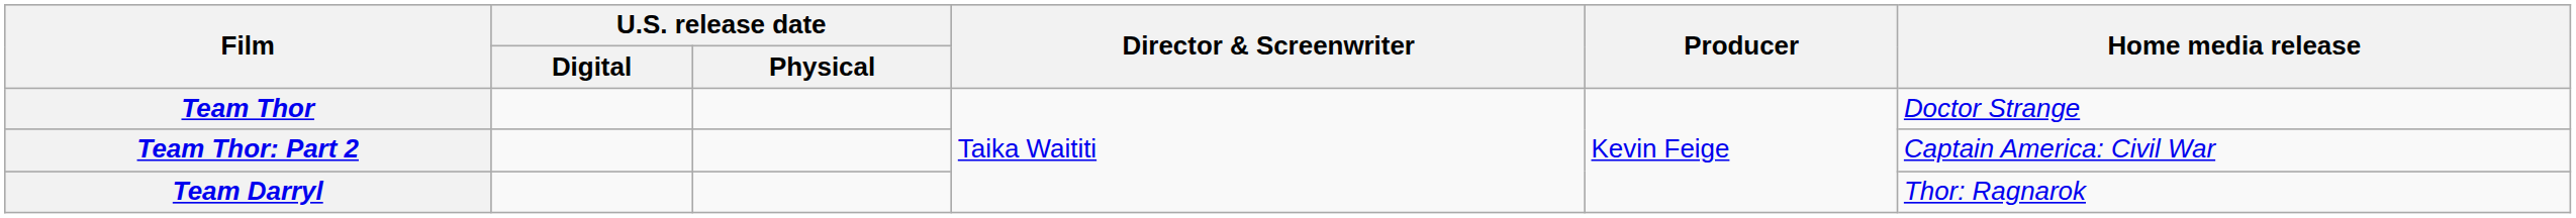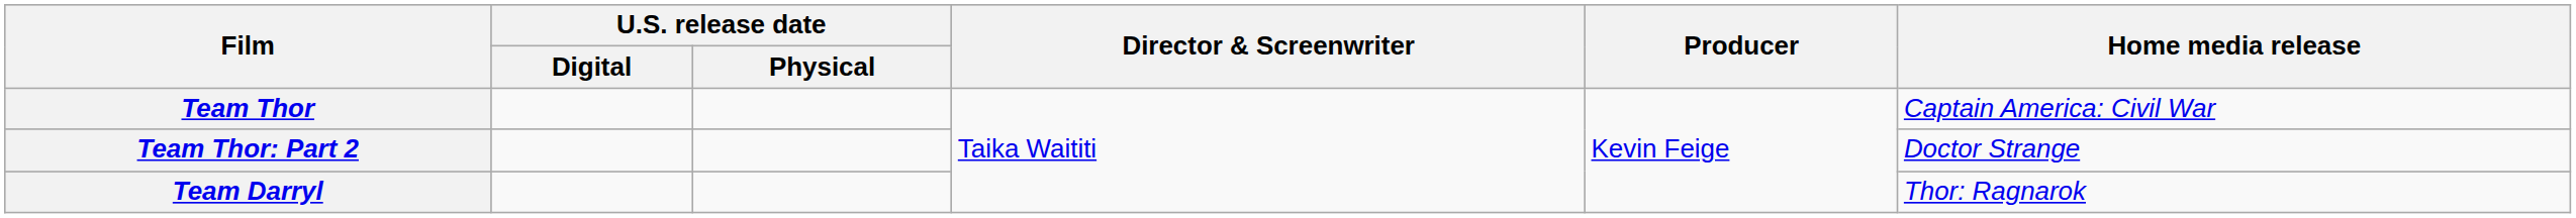 <table class="wikitable plainrowheaders defaultcenter col2left col3left" style="width: 99%;">
 <tr>
 <th scope="col" rowspan="2">Film</th>
 <th scope="col" colspan="2">U.S. release date</th>
 <th scope="col" rowspan="2">Director & Screenwriter</th>
 <th scope="col" rowspan="2">Producer</th>
 <th scope="col" rowspan="2">Home media release</th>
 </tr>
 <tr>
 <th scope="col">Digital</th>
 <th scope="col">Physical</th>
 </tr>
 <tr>
 <th scope="row"><em><a href='#'>Team Thor</a></em></th>
 <td></td>
 <td></td>
 <td rowspan="3"><a href='#'>Taika Waititi</a></td>
 <td rowspan="3"><a href='#'>Kevin Feige</a></td>
-<td><em><a href='#'>Doctor Strange</a></em></td>
+<td><em><a href='#'>Captain America: Civil War</a></em></td>
 </tr>
 <tr>
 <th scope="row"><em><a href='#'>Team Thor: Part 2</a></em></th>
 <td></td>
 <td></td>
-<td><em><a href='#'>Captain America: Civil War</a></em></td>
+<td><em><a href='#'>Doctor Strange</a></em></td>
 </tr>
 <tr>
 <th scope="row"><em><a href='#'>Team Darryl</a></em></th>
 <td></td>
 <td></td>
 <td><em><a href='#'>Thor: Ragnarok</a></em></td>
 </tr>
 </table>
